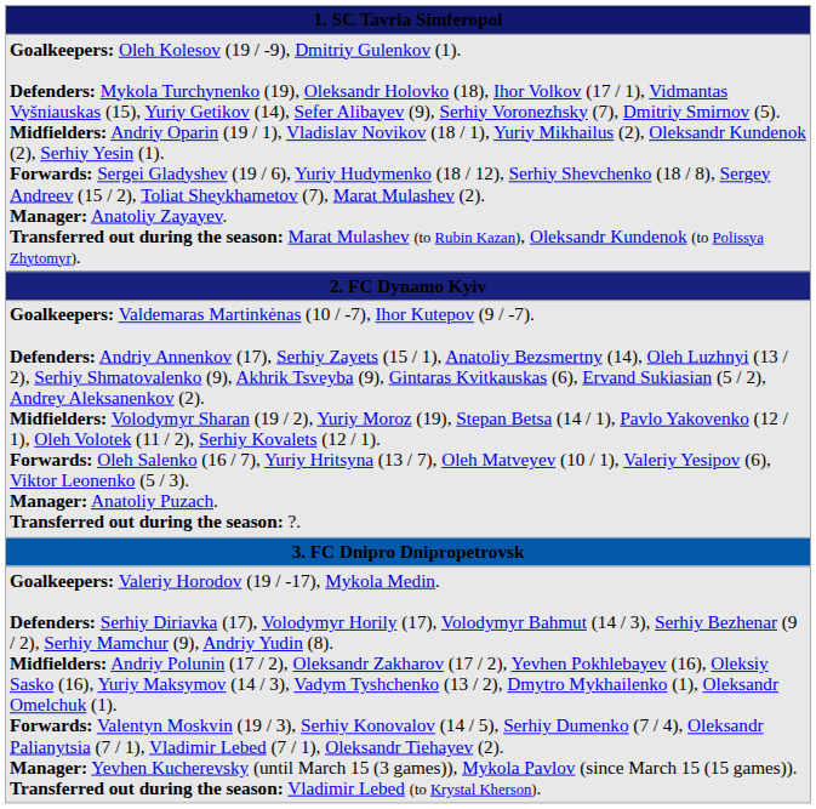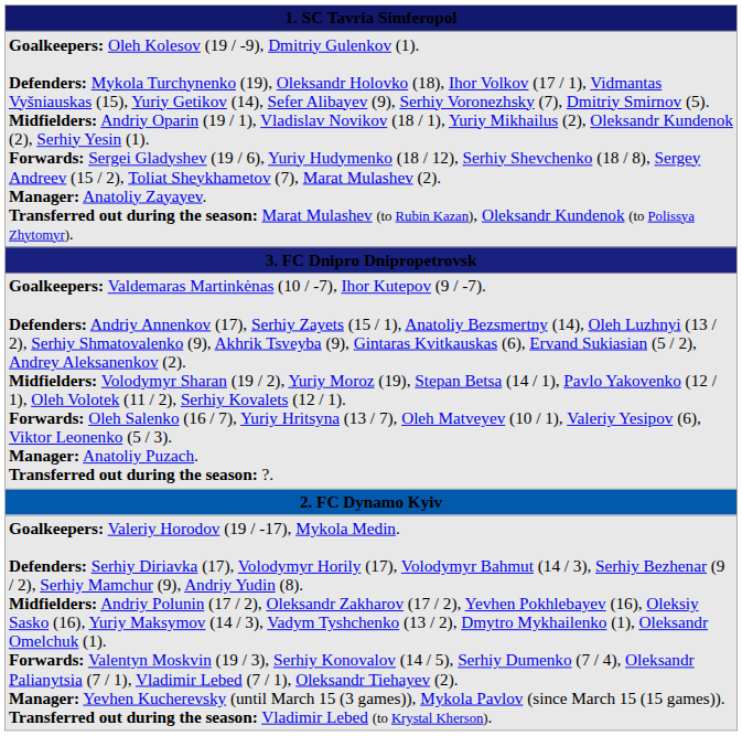 <table class="wikitable" style="width:700px;">
 <tr style="background:#12186e;">
 <td style="text-align:center; width:700px;"><span> <strong>1. SC Tavria Simferopol</strong> </span></td>
 </tr>
 <tr style="background:#e8e8e8;">
 <td style="text-align:left; width:700px;"><strong>Goalkeepers:</strong> <a href='#'>Oleh Kolesov</a> (19 / -9),  <a href='#'>Dmitriy Gulenkov</a> (1).<br><br><strong>Defenders:</strong> <a href='#'>Mykola Turchynenko</a> (19), <a href='#'>Oleksandr Holovko</a> (18), <a href='#'>Ihor Volkov</a> (17 / 1),  <a href='#'>Vidmantas Vyšniauskas</a> (15),  <a href='#'>Yuriy Getikov</a> (14), <a href='#'>Sefer Alibayev</a> (9), <a href='#'>Serhiy Voronezhsky</a> (7),  <a href='#'>Dmitriy Smirnov</a> (5).<br> <strong>Midfielders:</strong> <a href='#'>Andriy Oparin</a> (19 / 1), <a href='#'>Vladislav Novikov</a> (18 / 1), <a href='#'>Yuriy Mikhailus</a> (2), <a href='#'>Oleksandr Kundenok</a> (2), <a href='#'>Serhiy Yesin</a> (1).<br> <strong>Forwards:</strong>  <a href='#'>Sergei Gladyshev</a> (19 / 6), <a href='#'>Yuriy Hudymenko</a> (18 / 12), <a href='#'>Serhiy Shevchenko</a> (18 / 8),  <a href='#'>Sergey Andreev</a> (15 / 2), <a href='#'>Toliat Sheykhametov</a> (7),  <a href='#'>Marat Mulashev</a> (2).<br><strong>Manager:</strong> <a href='#'>Anatoliy Zayayev</a>.<br><strong>Transferred out during the season:</strong> <a href='#'>Marat Mulashev</a> <small>(to  <a href='#'>Rubin Kazan</a>)</small>, <a href='#'>Oleksandr Kundenok</a> <small>(to <a href='#'>Polissya Zhytomyr</a>)</small>.</td>
 </tr>
 <tr style="background:#19217f;">
-<td style="text-align:center; width:700px;"><span> <strong>2. FC Dynamo Kyiv</strong> </span></td>
+<td style="text-align:center; width:700px;"><span> <strong>3. FC Dnipro Dnipropetrovsk</strong> </span></td>
 </tr>
 <tr style="background:#e8e8e8;">
 <td style="text-align:left; width:700px;"><strong>Goalkeepers:</strong>  <a href='#'>Valdemaras Martinkėnas</a> (10 / -7), <a href='#'>Ihor Kutepov</a> (9 / -7).<br><br><strong>Defenders:</strong> <a href='#'>Andriy Annenkov</a> (17), <a href='#'>Serhiy Zayets</a> (15 / 1), <a href='#'>Anatoliy Bezsmertny</a> (14), <a href='#'>Oleh Luzhnyi</a> (13 / 2), <a href='#'>Serhiy Shmatovalenko</a> (9), <a href='#'>Akhrik Tsveyba</a> (9),  <a href='#'>Gintaras Kvitkauskas</a> (6),  <a href='#'>Ervand Sukiasian</a> (5 / 2),  <a href='#'>Andrey Aleksanenkov</a> (2).<br> <strong>Midfielders:</strong> <a href='#'>Volodymyr Sharan</a> (19 / 2), <a href='#'>Yuriy Moroz</a> (19), <a href='#'>Stepan Betsa</a> (14 / 1), <a href='#'>Pavlo Yakovenko</a> (12 / 1), <a href='#'>Oleh Volotek</a> (11 / 2), <a href='#'>Serhiy Kovalets</a> (12 / 1).<br> <strong>Forwards:</strong> <a href='#'>Oleh Salenko</a> (16 / 7), <a href='#'>Yuriy Hritsyna</a> (13 / 7), <a href='#'>Oleh Matveyev</a> (10 / 1),  <a href='#'>Valeriy Yesipov</a> (6), <a href='#'>Viktor Leonenko</a> (5 / 3).<br><strong>Manager:</strong> <a href='#'>Anatoliy Puzach</a>.<br><strong>Transferred out during the season:</strong> ?.</td>
 </tr>
 <tr style="background:#0359ac;">
-<td style="text-align:center; width:700px;"><span> <strong>3. FC Dnipro Dnipropetrovsk</strong> </span></td>
+<td style="text-align:center; width:700px;"><span> <strong>2. FC Dynamo Kyiv</strong> </span></td>
 </tr>
 <tr style="background:#e8e8e8;">
 <td style="text-align:left; width:700px;"><strong>Goalkeepers:</strong> <a href='#'>Valeriy Horodov</a> (19 / -17), <a href='#'>Mykola Medin</a>.<br><br><strong>Defenders:</strong> <a href='#'>Serhiy Diriavka</a> (17), <a href='#'>Volodymyr Horily</a> (17), <a href='#'>Volodymyr Bahmut</a> (14 / 3), <a href='#'>Serhiy Bezhenar</a> (9 / 2), <a href='#'>Serhiy Mamchur</a> (9), <a href='#'>Andriy Yudin</a> (8).<br> <strong>Midfielders:</strong> <a href='#'>Andriy Polunin</a> (17 / 2),  <a href='#'>Oleksandr Zakharov</a> (17 / 2), <a href='#'>Yevhen Pokhlebayev</a> (16), <a href='#'>Oleksiy Sasko</a> (16), <a href='#'>Yuriy Maksymov</a> (14 / 3), <a href='#'>Vadym Tyshchenko</a> (13 / 2), <a href='#'>Dmytro Mykhailenko</a> (1), <a href='#'>Oleksandr Omelchuk</a> (1).<br> <strong>Forwards:</strong> <a href='#'>Valentyn Moskvin</a> (19 / 3), <a href='#'>Serhiy Konovalov</a> (14 / 5), <a href='#'>Serhiy Dumenko</a> (7 / 4), <a href='#'>Oleksandr Palianytsia</a> (7 / 1),  <a href='#'>Vladimir Lebed</a> (7 / 1), <a href='#'>Oleksandr Tiehayev</a> (2).<br><strong>Manager:</strong> <a href='#'>Yevhen Kucherevsky</a> (until March 15 (3 games)), <a href='#'>Mykola Pavlov</a> (since March 15 (15 games)).<br><strong>Transferred out during the season:</strong>  <a href='#'>Vladimir Lebed</a> <small>(to <a href='#'>Krystal Kherson</a>)</small>.</td>
 </tr>
 </table>
